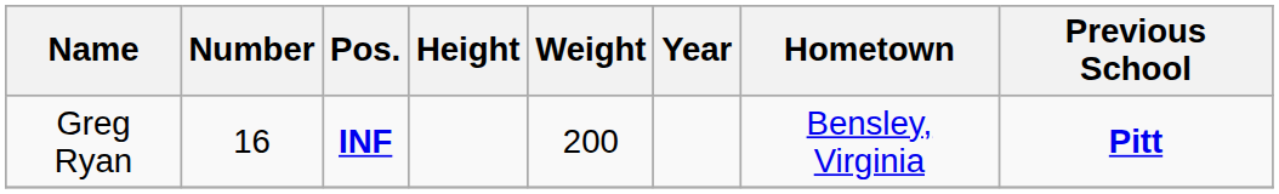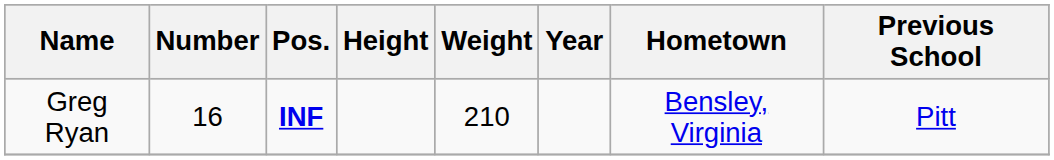 <table class="wikitable sortable sortable" style="text-align: center">
 <tr align=center>
 <th>Name</th>
 <th>Number</th>
 <th>Pos.</th>
 <th>Height</th>
 <th>Weight</th>
 <th>Year</th>
 <th>Hometown</th>
 <th>Previous School</th>
 </tr>
 <tr>
 <td>Greg Ryan</td>
 <td>16</td>
 <td><strong><a href='#'>INF</a></strong></td>
 <td></td>
-<td>200</td>
+<td>210</td>
 <td></td>
 <td><a href='#'>Bensley, Virginia</a></td>
-<td><strong><a href='#'>Pitt</a></strong></td>
+<td><a href='#'>Pitt</a></td>
 </tr>
 <tr>
 </tr>
 </table>
